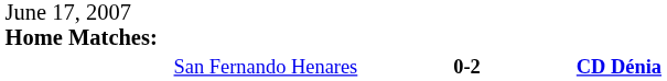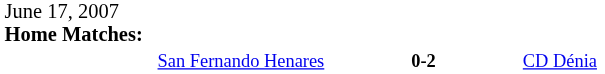 <table width=100% cellspacing=1>
 <tr>
 <th width=20%></th>
 <th width=12%></th>
 <th width=20%></th>
 <th></th>
 </tr>
 <tr>
 <td>June 17, 2007<br><strong>Home Matches:</strong></td>
 </tr>
 <tr style=font-size:90%>
 <td align=right><a href='#'>San Fernando Henares</a></td>
 <td align=center><strong>0-2</strong></td>
-<td><strong><a href='#'>CD Dénia</a></strong></td>
+<td><a href='#'>CD Dénia</a></td>
 </tr>
 </table>
